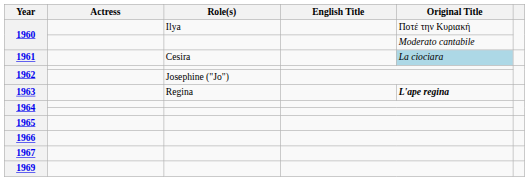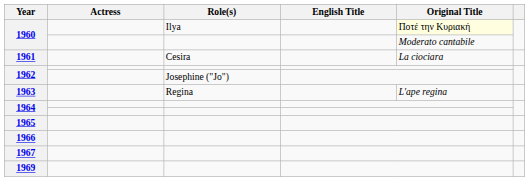 <table class="wikitable unsortable">
 <tr>
 <th scope="col" style="width:3%;">Year</th>
 <th scope="col" style="width:10%;">Actress</th>
 <th scope="col" style="width:10%;">Role(s)</th>
 <th scope="col" style="width:10%;">English Title</th>
 <th scope="col" style="width:10%;">Original Title</th>
 <th scope="col" style="width:1%;" class="unsortable"></th>
 </tr>
 <tr>
 <th rowspan="2" style="text-align:center;"><a href='#'>1960</a></th>
 <td></td>
 <td>Ilya</td>
 <td></td>
-<td>Ποτέ την Κυριακή</td>
+<td style="background: lightyellow;">Ποτέ την Κυριακή</td>
 <td rowspan="2" style="text-align:center;"></td>
 </tr>
 <tr>
 <td></td>
 <td></td>
 <td></td>
 <td><em>Moderato cantabile</em></td>
 </tr>
 <tr>
 <th style="text-align:center;"><a href='#'>1961</a></th>
 <td></td>
 <td>Cesira</td>
 <td></td>
-<td style="background: lightblue;"><em>La ciociara</em></td>
+<td><em>La ciociara</em></td>
 <td style="text-align:center;"></td>
 </tr>
 <tr>
 <th rowspan="2" style="text-align:center;"><a href='#'>1962</a></th>
 <td></td>
 <td></td>
 <td colspan="2"></td>
 <td rowspan="2" style="text-align:center;"><br></td>
 </tr>
 <tr>
 <td></td>
 <td>Josephine ("Jo")</td>
 <td colspan="2"></td>
 </tr>
 <tr>
 <th style="text-align:center;"><a href='#'>1963</a></th>
 <td></td>
 <td>Regina</td>
 <td></td>
-<td><strong><em>L'ape regina</em></strong></td>
+<td><em>L'ape regina</em></td>
 <td style="text-align:center;"></td>
 </tr>
 <tr>
 <th rowspan="2" style="text-align:center;"><a href='#'>1964</a></th>
 <td></td>
 <td></td>
 <td colspan="2"></td>
 <td rowspan="2" style="text-align:center;"></td>
 </tr>
 <tr>
 <td></td>
 <td></td>
 <td colspan="2"></td>
 </tr>
 <tr>
 <th style="text-align:center;"><a href='#'>1965</a></th>
 <td></td>
 <td></td>
 <td colspan="2"></td>
 <td style="text-align:center;"></td>
 </tr>
 <tr>
 <th style="text-align:center;"><a href='#'>1966</a></th>
 <td></td>
 <td></td>
 <td colspan="2"></td>
 <td style="text-align:center;"></td>
 </tr>
 <tr>
 <th style="text-align:center;"><a href='#'>1967</a></th>
 <td></td>
 <td></td>
 <td colspan="2"></td>
 <td style="text-align:center;"><br></td>
 </tr>
 <tr>
 <th style="text-align:center;"><a href='#'>1969</a></th>
 <td></td>
 <td></td>
 <td colspan="2"></td>
 <td style="text-align:center;"></td>
 </tr>
 </table>
